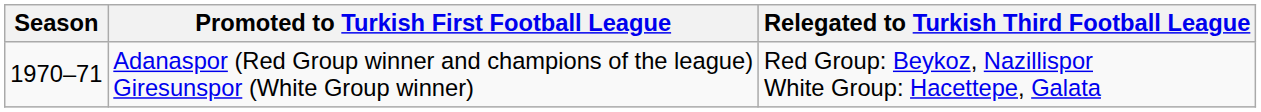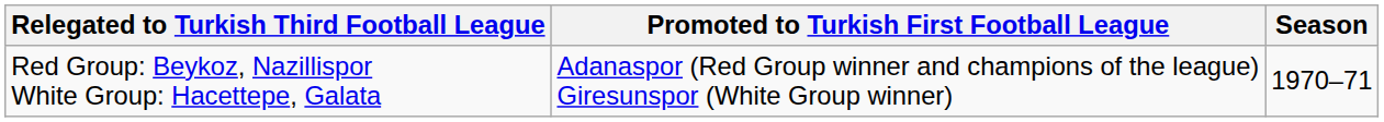 <table class="wikitable">
 <tr>
+<th>Relegated to <a href='#'>Turkish Third Football League</a></th>
+<th>Promoted to <a href='#'>Turkish First Football League</a></th>
 <th>Season</th>
-<th>Promoted to <a href='#'>Turkish First Football League</a></th>
-<th>Relegated to <a href='#'>Turkish Third Football League</a></th>
 </tr>
 <tr>
+<td>Red Group: <a href='#'>Beykoz</a>, <a href='#'>Nazillispor</a><br>White Group: <a href='#'>Hacettepe</a>, <a href='#'>Galata</a></td>
+<td><a href='#'>Adanaspor</a> (Red Group winner and champions of the league)<br><a href='#'>Giresunspor</a> (White Group winner)</td>
 <td>1970–71</td>
-<td><a href='#'>Adanaspor</a> (Red Group winner and champions of the league)<br><a href='#'>Giresunspor</a> (White Group winner)</td>
-<td>Red Group: <a href='#'>Beykoz</a>, <a href='#'>Nazillispor</a><br>White Group: <a href='#'>Hacettepe</a>, <a href='#'>Galata</a></td>
 </tr>
 </table>
